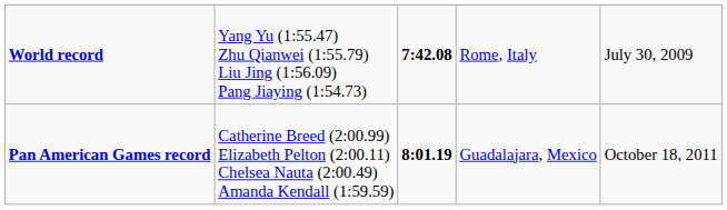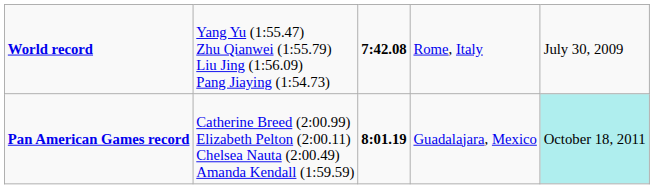 <table class="wikitable">
 <tr>
 <td><strong><a href='#'>World record</a></strong></td>
 <td><br><a href='#'>Yang Yu</a> (1:55.47)<br><a href='#'>Zhu Qianwei</a> (1:55.79)<br><a href='#'>Liu Jing</a> (1:56.09)<br><a href='#'>Pang Jiaying</a> (1:54.73)</td>
 <td><strong>7:42.08</strong></td>
 <td><a href='#'>Rome</a>, <a href='#'>Italy</a></td>
 <td>July 30, 2009</td>
 </tr>
 <tr>
 <td><strong><a href='#'>Pan American Games record</a></strong></td>
 <td><br><a href='#'>Catherine Breed</a> (2:00.99)<br><a href='#'>Elizabeth Pelton</a> (2:00.11)<br><a href='#'>Chelsea Nauta</a> (2:00.49)<br><a href='#'>Amanda Kendall</a> (1:59.59)</td>
 <td><strong>8:01.19</strong></td>
 <td><a href='#'>Guadalajara</a>, <a href='#'>Mexico</a></td>
-<td>October 18, 2011</td>
+<td style="background: paleturquoise;">October 18, 2011</td>
 </tr>
 </table>
